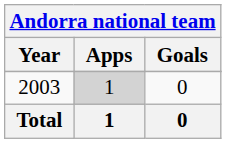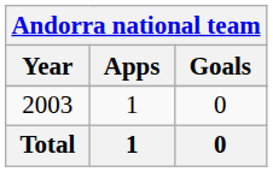 <table class="wikitable" style="text-align:center">
 <tr>
 <th colspan=3><a href='#'>Andorra national team</a></th>
 </tr>
 <tr>
 <th>Year</th>
 <th>Apps</th>
 <th>Goals</th>
 </tr>
 <tr>
 </tr>
 <tr>
 <td>2003</td>
-<td style="background: lightgrey;">1</td>
+<td>1</td>
 <td>0</td>
 </tr>
 <tr>
 <th>Total</th>
 <th>1</th>
 <th>0</th>
 </tr>
 </table>
